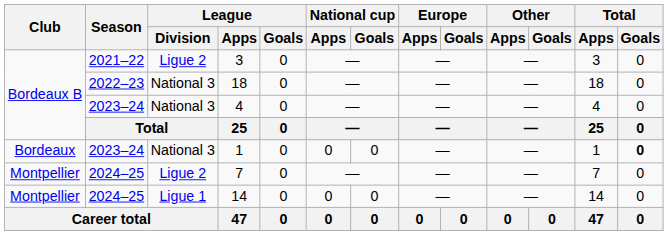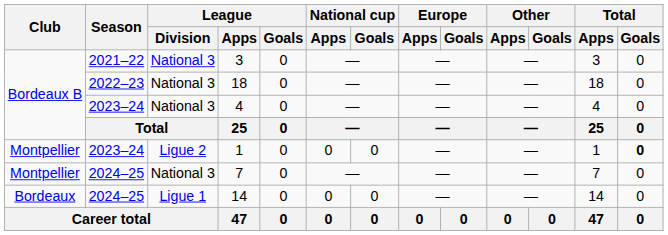 <table class="wikitable" style="text-align:center">
 <tr>
 <th rowspan="2">Club</th>
 <th rowspan="2">Season</th>
 <th colspan="3">League</th>
 <th colspan="2">National cup</th>
 <th colspan="2">Europe</th>
 <th colspan="2">Other</th>
 <th colspan="2">Total</th>
 </tr>
 <tr>
 <th>Division</th>
 <th>Apps</th>
 <th>Goals</th>
 <th>Apps</th>
 <th>Goals</th>
 <th>Apps</th>
 <th>Goals</th>
 <th>Apps</th>
 <th>Goals</th>
 <th>Apps</th>
 <th>Goals</th>
 </tr>
 <tr>
 <td rowspan="4"><a href='#'>Bordeaux B</a></td>
 <td><a href='#'>2021–22</a></td>
-<td><a href='#'>Ligue 2</a></td>
+<td><a href='#'>National 3</a></td>
 <td>3</td>
 <td>0</td>
 <td colspan="2">—</td>
 <td colspan="2">—</td>
 <td colspan="2">—</td>
 <td>3</td>
 <td>0</td>
 </tr>
 <tr>
 <td><a href='#'>2022–23</a></td>
 <td>National 3</td>
 <td>18</td>
 <td>0</td>
 <td colspan="2">—</td>
 <td colspan="2">—</td>
 <td colspan="2">—</td>
 <td>18</td>
 <td>0</td>
 </tr>
 <tr>
 <td><a href='#'>2023–24</a></td>
 <td>National 3</td>
 <td>4</td>
 <td>0</td>
 <td colspan="2">—</td>
 <td colspan="2">—</td>
 <td colspan="2">—</td>
 <td>4</td>
 <td>0</td>
 </tr>
 <tr>
 <th colspan="2">Total</th>
 <th>25</th>
 <th>0</th>
 <th colspan="2">—</th>
 <th colspan="2">—</th>
 <th colspan="2">—</th>
 <th>25</th>
 <th>0</th>
 </tr>
 <tr>
-<td><a href='#'>Bordeaux</a></td>
+<td><a href='#'>Montpellier</a></td>
 <td><a href='#'>2023–24</a></td>
-<td>National 3</td>
+<td><a href='#'>Ligue 2</a></td>
 <td>1</td>
 <td>0</td>
 <td>0</td>
 <td>0</td>
 <td colspan="2">—</td>
 <td colspan="2">—</td>
 <td>1</td>
 <td><strong>0</strong></td>
 </tr>
 <tr>
 <td><a href='#'>Montpellier</a></td>
 <td><a href='#'>2024–25</a></td>
-<td><a href='#'>Ligue 2</a></td>
+<td>National 3</td>
 <td>7</td>
 <td>0</td>
 <td colspan="2">—</td>
 <td colspan="2">—</td>
 <td colspan="2">—</td>
 <td>7</td>
 <td>0</td>
 </tr>
 <tr>
-<td><a href='#'>Montpellier</a></td>
+<td><a href='#'>Bordeaux</a></td>
 <td><a href='#'>2024–25</a></td>
 <td><a href='#'>Ligue 1</a></td>
 <td>14</td>
 <td>0</td>
 <td>0</td>
 <td>0</td>
 <td colspan="2">—</td>
 <td colspan="2">—</td>
 <td>14</td>
 <td>0</td>
 </tr>
 <tr>
 <th colspan="3">Career total</th>
 <th>47</th>
 <th>0</th>
 <th>0</th>
 <th>0</th>
 <th>0</th>
 <th>0</th>
 <th>0</th>
 <th>0</th>
 <th>47</th>
 <th>0</th>
 </tr>
 </table>
